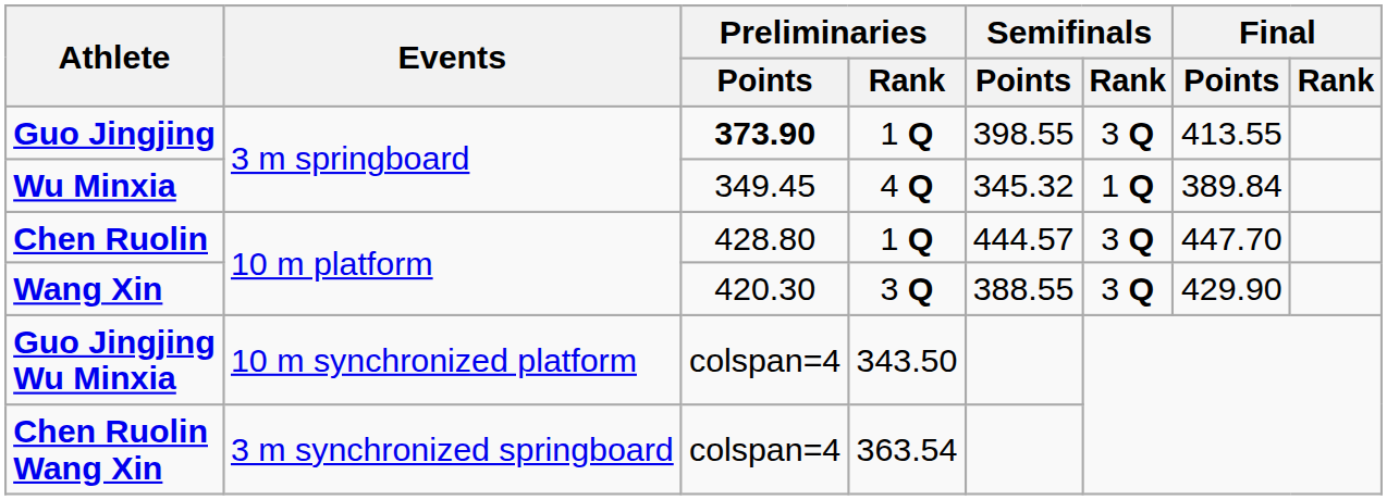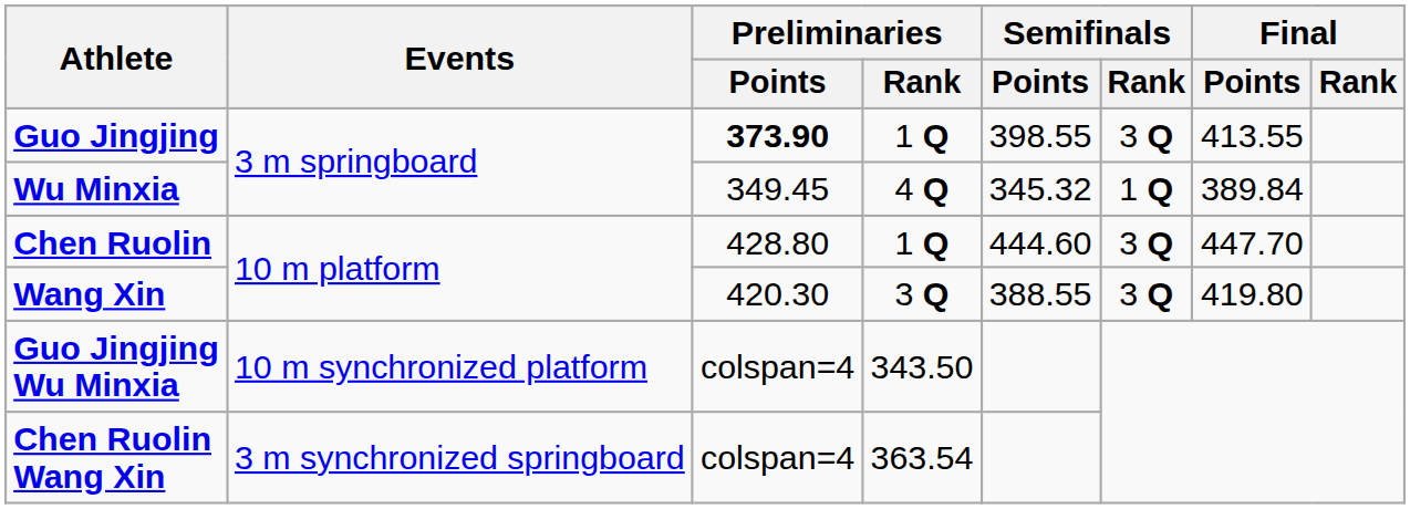 <table class=wikitable style="font-size:90%">
 <tr>
 <th rowspan="2">Athlete</th>
 <th rowspan="2">Events</th>
 <th colspan="2">Preliminaries</th>
 <th colspan="2">Semifinals</th>
 <th colspan="2">Final</th>
 </tr>
 <tr style="font-size:95%">
 <th>Points</th>
 <th>Rank</th>
 <th>Points</th>
 <th>Rank</th>
 <th>Points</th>
 <th>Rank</th>
 </tr>
 <tr align=center>
 <td align=left><strong><a href='#'>Guo Jingjing</a></strong></td>
 <td align=left rowspan=2><a href='#'>3 m springboard</a></td>
 <td><strong>373.90</strong></td>
 <td>1 <strong>Q</strong></td>
 <td>398.55</td>
 <td>3 <strong>Q</strong></td>
 <td>413.55</td>
 <td></td>
 </tr>
 <tr align=center>
 <td align=left><strong><a href='#'>Wu Minxia</a></strong></td>
 <td>349.45</td>
 <td>4 <strong>Q</strong></td>
 <td>345.32</td>
 <td>1 <strong>Q</strong></td>
 <td>389.84</td>
 <td></td>
 </tr>
 <tr align=center>
 <td align=left><strong><a href='#'>Chen Ruolin</a></strong></td>
 <td align=left rowspan=2><a href='#'>10 m platform</a></td>
 <td>428.80</td>
 <td>1 <strong>Q</strong></td>
-<td>444.57</td>
+<td>444.60</td>
 <td>3 <strong>Q</strong></td>
 <td>447.70</td>
 <td></td>
 </tr>
 <tr align=center>
 <td align=left><strong><a href='#'>Wang Xin</a></strong></td>
 <td>420.30</td>
 <td>3 <strong>Q</strong></td>
 <td>388.55</td>
 <td>3 <strong>Q</strong></td>
-<td>429.90</td>
+<td>419.80</td>
 <td></td>
 </tr>
 <tr align=center>
 <td align=left><strong><a href='#'>Guo Jingjing</a></strong><br><strong><a href='#'>Wu Minxia</a></strong></td>
 <td align=left><a href='#'>10 m synchronized platform</a></td>
 <td>colspan=4 </td>
 <td>343.50</td>
 <td></td>
 </tr>
 <tr align=center>
 <td align=left><strong><a href='#'>Chen Ruolin</a></strong><br><strong><a href='#'>Wang Xin</a></strong></td>
 <td align=left><a href='#'>3 m synchronized springboard</a></td>
 <td>colspan=4 </td>
 <td>363.54</td>
 <td></td>
 </tr>
 </table>
